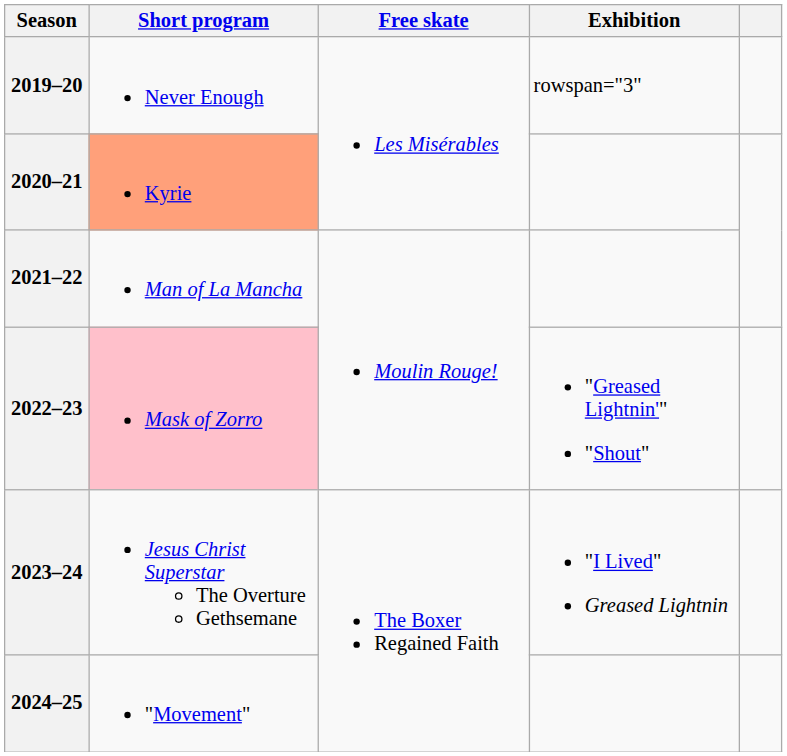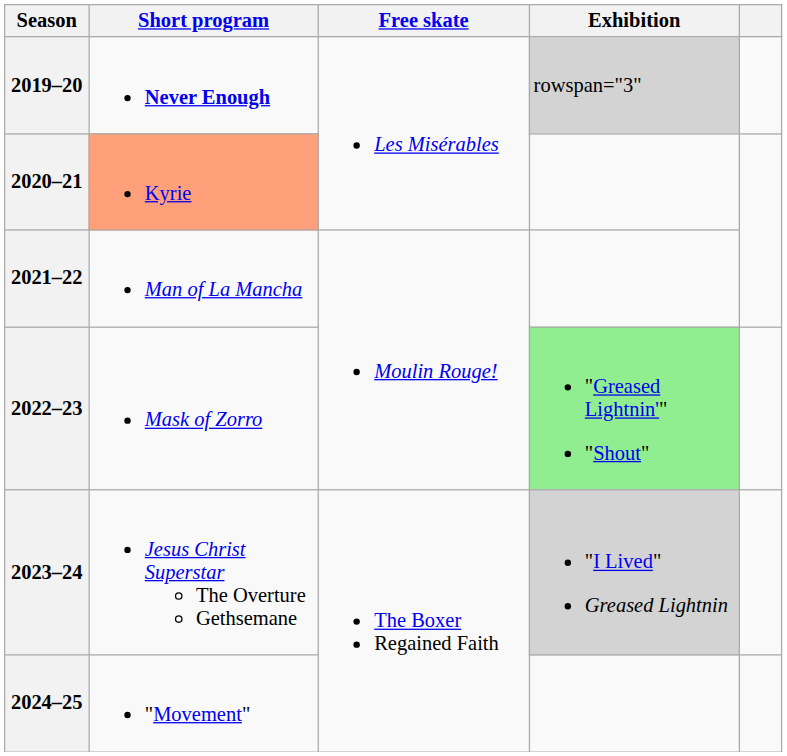 <table class="wikitable unsortable" style="text-align:left">
 <tr>
 <th scope="col" style="text-align:center; width:10%">Season</th>
 <th scope="col" style="text-align:center; width:25%"><a href='#'>Short program</a></th>
 <th scope="col" style="text-align:center; width:25%"><a href='#'>Free skate</a></th>
 <th scope="col" style="text-align:center; width:25%">Exhibition</th>
 <th scope="col" style="text-align:center; width:5%"></th>
 </tr>
 <tr>
 <th scope="row">2019–20</th>
-<td><br><ul><li><a href='#'>Never Enough</a><br></li></ul></td>
+<td><strong><br><ul><li><a href='#'>Never Enough</a><br></li></ul></strong></td>
 <td rowspan="2"><br><ul><li><em><a href='#'>Les Misérables</a></em><br></li></ul></td>
-<td>rowspan="3" </td>
+<td style="background: lightgrey;">rowspan="3" </td>
 <td></td>
 </tr>
 <tr>
 <th scope="row">2020–21</th>
 <td style="background: lightsalmon;"><br><ul><li><a href='#'>Kyrie</a><br></li></ul></td>
 <td></td>
 </tr>
 <tr>
 <th scope="row">2021–22</th>
 <td><br><ul><li><em><a href='#'>Man of La Mancha</a></em><br></li></ul></td>
 <td rowspan="2"><br><ul><li><em><a href='#'>Moulin Rouge!</a></em><br></li></ul></td>
 <td></td>
 </tr>
 <tr>
 <th scope="row">2022–23</th>
-<td style="background: pink;"><br><ul><li><em><a href='#'>Mask of Zorro</a></em><br></li></ul></td>
-<td><br><ul><li>"<a href='#'>Greased Lightnin'</a>"<br></li></ul><ul><li>"<a href='#'>Shout</a>"<br></li></ul></td>
+<td><br><ul><li><em><a href='#'>Mask of Zorro</a></em><br></li></ul></td>
+<td style="background: lightgreen;"><br><ul><li>"<a href='#'>Greased Lightnin'</a>"<br></li></ul><ul><li>"<a href='#'>Shout</a>"<br></li></ul></td>
 <td></td>
 </tr>
 <tr>
 <th scope="row">2023–24</th>
 <td><br><ul><li><em><a href='#'>Jesus Christ Superstar</a></em><ul><li>The Overture</li><li>Gethsemane <br></li></ul></li></ul></td>
 <td rowspan="2"><br><ul><li><a href='#'>The Boxer</a><br></li><li>Regained Faith<br></li></ul></td>
-<td><br><ul><li>"<a href='#'>I Lived</a>"<br></li></ul><ul><li><em>Greased Lightnin<strong></li></ul></td>
+<td style="background: lightgrey;"><br><ul><li>"<a href='#'>I Lived</a>"<br></li></ul><ul><li><em>Greased Lightnin<strong></li></ul></td>
 <td></td>
 </tr>
 <tr>
 <th scope="row">2024–25</th>
 <td><br><ul><li>"<a href='#'>Movement</a>"<br></li></ul></td>
 <td></td>
 <td></td>
 </tr>
 </table>
